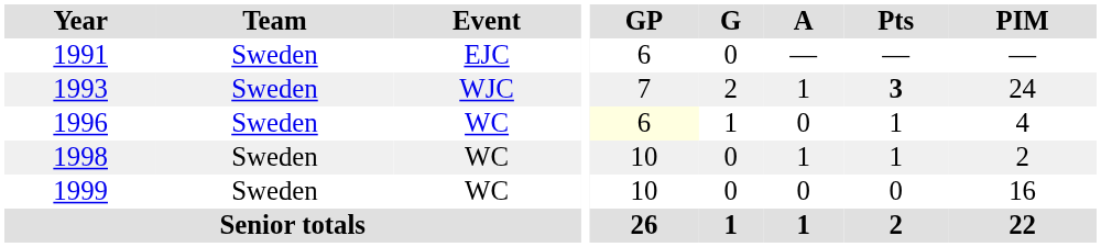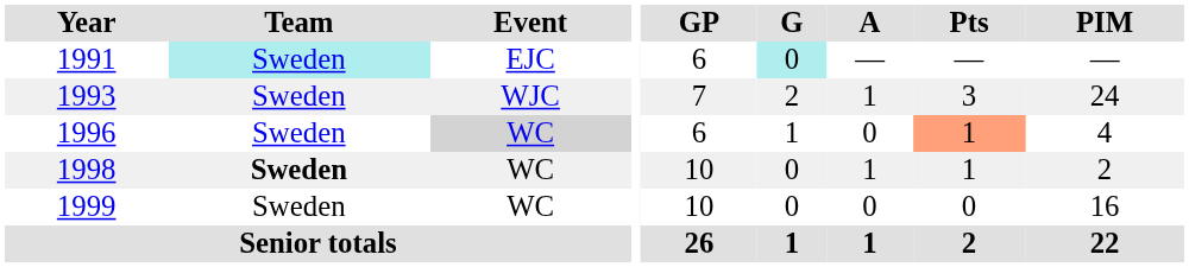 <table border="0" cellpadding="1" cellspacing="0" ID="Table3" style="text-align:center; width:40em">
 <tr bgcolor="#e0e0e0">
 <th>Year</th>
 <th>Team</th>
 <th>Event</th>
 <th rowspan="102" bgcolor="#ffffff"></th>
 <th>GP</th>
 <th>G</th>
 <th>A</th>
 <th>Pts</th>
 <th>PIM</th>
 </tr>
 <tr>
 <td><a href='#'>1991</a></td>
-<td><a href='#'>Sweden</a></td>
+<td style="background: paleturquoise;"><a href='#'>Sweden</a></td>
 <td><a href='#'>EJC</a></td>
 <td>6</td>
-<td>0</td>
+<td style="background: paleturquoise;">0</td>
 <td>—</td>
 <td>—</td>
 <td>—</td>
 </tr>
 <tr bgcolor="#f0f0f0">
 <td><a href='#'>1993</a></td>
 <td><a href='#'>Sweden</a></td>
 <td><a href='#'>WJC</a></td>
 <td>7</td>
 <td>2</td>
 <td>1</td>
-<td><strong>3</strong></td>
+<td>3</td>
 <td>24</td>
 </tr>
 <tr>
 <td><a href='#'>1996</a></td>
 <td><a href='#'>Sweden</a></td>
-<td><a href='#'>WC</a></td>
-<td style="background: lightyellow;">6</td>
+<td style="background: lightgrey;"><a href='#'>WC</a></td>
+<td>6</td>
 <td>1</td>
 <td>0</td>
-<td>1</td>
+<td style="background: lightsalmon;">1</td>
 <td>4</td>
 </tr>
 <tr bgcolor="#f0f0f0">
 <td><a href='#'>1998</a></td>
-<td>Sweden</td>
+<td><strong>Sweden</strong></td>
 <td>WC</td>
 <td>10</td>
 <td>0</td>
 <td>1</td>
 <td>1</td>
 <td>2</td>
 </tr>
 <tr>
 <td><a href='#'>1999</a></td>
 <td>Sweden</td>
 <td>WC</td>
 <td>10</td>
 <td>0</td>
 <td>0</td>
 <td>0</td>
 <td>16</td>
 </tr>
 <tr bgcolor="#e0e0e0">
 <th colspan="3">Senior totals</th>
 <th>26</th>
 <th>1</th>
 <th>1</th>
 <th>2</th>
 <th>22</th>
 </tr>
 </table>
